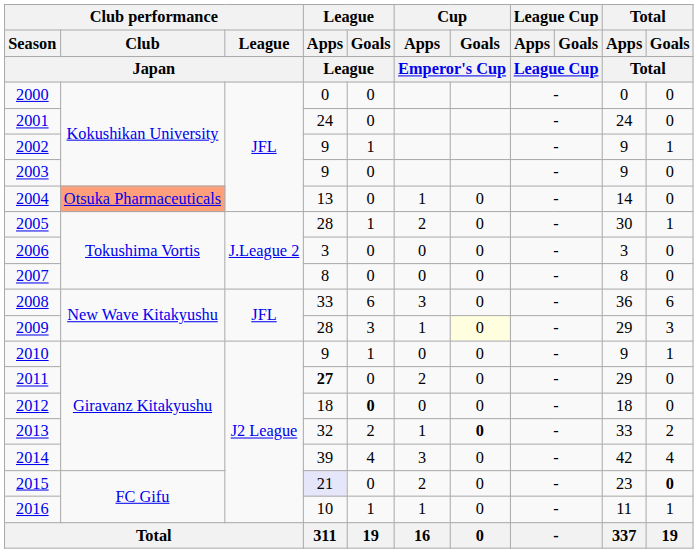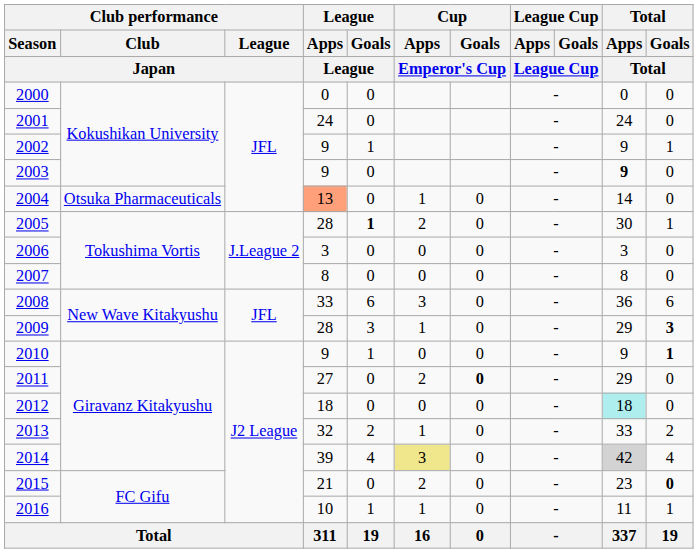 <table class="wikitable" style="text-align:center;">
 <tr>
 <th colspan=3>Club performance</th>
 <th colspan=2>League</th>
 <th colspan=2>Cup</th>
 <th colspan=2>League Cup</th>
 <th colspan=2>Total</th>
 </tr>
 <tr>
 <th>Season</th>
 <th>Club</th>
 <th>League</th>
 <th>Apps</th>
 <th>Goals</th>
 <th>Apps</th>
 <th>Goals</th>
 <th>Apps</th>
 <th>Goals</th>
 <th>Apps</th>
 <th>Goals</th>
 </tr>
 <tr>
 <th colspan=3>Japan</th>
 <th colspan=2>League</th>
 <th colspan=2><a href='#'>Emperor's Cup</a></th>
 <th colspan=2><a href='#'>League Cup</a></th>
 <th colspan=2>Total</th>
 </tr>
 <tr>
 <td><a href='#'>2000</a></td>
 <td rowspan=4><a href='#'>Kokushikan University</a></td>
 <td rowspan=5><a href='#'>JFL</a></td>
 <td>0</td>
 <td>0</td>
 <td></td>
 <td></td>
 <td colspan=2>-</td>
 <td>0</td>
 <td>0</td>
 </tr>
 <tr>
 <td><a href='#'>2001</a></td>
 <td>24</td>
 <td>0</td>
 <td></td>
 <td></td>
 <td colspan=2>-</td>
 <td>24</td>
 <td>0</td>
 </tr>
 <tr>
 <td><a href='#'>2002</a></td>
 <td>9</td>
 <td>1</td>
 <td></td>
 <td></td>
 <td colspan=2>-</td>
 <td>9</td>
 <td>1</td>
 </tr>
 <tr>
 <td><a href='#'>2003</a></td>
 <td>9</td>
 <td>0</td>
 <td></td>
 <td></td>
 <td colspan=2>-</td>
-<td>9</td>
+<td><strong>9</strong></td>
 <td>0</td>
 </tr>
 <tr>
 <td><a href='#'>2004</a></td>
-<td style="background: lightsalmon;"><a href='#'>Otsuka Pharmaceuticals</a></td>
-<td>13</td>
+<td><a href='#'>Otsuka Pharmaceuticals</a></td>
+<td style="background: lightsalmon;">13</td>
 <td>0</td>
 <td>1</td>
 <td>0</td>
 <td colspan=2>-</td>
 <td>14</td>
 <td>0</td>
 </tr>
 <tr>
 <td><a href='#'>2005</a></td>
 <td rowspan="3"><a href='#'>Tokushima Vortis</a></td>
 <td rowspan="3"><a href='#'>J.League 2</a></td>
 <td>28</td>
-<td>1</td>
+<td><strong>1</strong></td>
 <td>2</td>
 <td>0</td>
 <td colspan=2>-</td>
 <td>30</td>
 <td>1</td>
 </tr>
 <tr>
 <td><a href='#'>2006</a></td>
 <td>3</td>
 <td>0</td>
 <td>0</td>
 <td>0</td>
 <td colspan=2>-</td>
 <td>3</td>
 <td>0</td>
 </tr>
 <tr>
 <td><a href='#'>2007</a></td>
 <td>8</td>
 <td>0</td>
 <td>0</td>
 <td>0</td>
 <td colspan=2>-</td>
 <td>8</td>
 <td>0</td>
 </tr>
 <tr>
 <td><a href='#'>2008</a></td>
 <td rowspan="2"><a href='#'>New Wave Kitakyushu</a></td>
 <td rowspan="2"><a href='#'>JFL</a></td>
 <td>33</td>
 <td>6</td>
 <td>3</td>
 <td>0</td>
 <td colspan=2>-</td>
 <td>36</td>
 <td>6</td>
 </tr>
 <tr>
 <td><a href='#'>2009</a></td>
 <td>28</td>
 <td>3</td>
 <td>1</td>
-<td style="background: lightyellow;">0</td>
+<td>0</td>
 <td colspan=2>-</td>
 <td>29</td>
-<td>3</td>
+<td><strong>3</strong></td>
 </tr>
 <tr>
 <td><a href='#'>2010</a></td>
 <td rowspan=5><a href='#'>Giravanz Kitakyushu</a></td>
 <td rowspan=7><a href='#'>J2 League</a></td>
 <td>9</td>
 <td>1</td>
 <td>0</td>
 <td>0</td>
 <td colspan=2>-</td>
 <td>9</td>
-<td>1</td>
+<td><strong>1</strong></td>
 </tr>
 <tr>
 <td><a href='#'>2011</a></td>
-<td><strong>27</strong></td>
+<td>27</td>
 <td>0</td>
 <td>2</td>
-<td>0</td>
+<td><strong>0</strong></td>
 <td colspan=2>-</td>
 <td>29</td>
 <td>0</td>
 </tr>
 <tr>
 <td><a href='#'>2012</a></td>
 <td>18</td>
-<td><strong>0</strong></td>
+<td>0</td>
 <td>0</td>
 <td>0</td>
 <td colspan=2>-</td>
-<td>18</td>
+<td style="background: paleturquoise;">18</td>
 <td>0</td>
 </tr>
 <tr>
 <td><a href='#'>2013</a></td>
 <td>32</td>
 <td>2</td>
 <td>1</td>
-<td><strong>0</strong></td>
+<td>0</td>
 <td colspan=2>-</td>
 <td>33</td>
 <td>2</td>
 </tr>
 <tr>
 <td><a href='#'>2014</a></td>
 <td>39</td>
 <td>4</td>
-<td>3</td>
+<td style="background: khaki;">3</td>
 <td>0</td>
 <td colspan=2>-</td>
-<td>42</td>
+<td style="background: lightgrey;">42</td>
 <td>4</td>
 </tr>
 <tr>
 <td><a href='#'>2015</a></td>
 <td rowspan=2><a href='#'>FC Gifu</a></td>
-<td style="background: lavender;">21</td>
+<td>21</td>
 <td>0</td>
 <td>2</td>
 <td>0</td>
 <td colspan=2>-</td>
 <td>23</td>
 <td><strong>0</strong></td>
 </tr>
 <tr>
 <td><a href='#'>2016</a></td>
 <td>10</td>
 <td>1</td>
 <td>1</td>
 <td>0</td>
 <td colspan=2>-</td>
 <td>11</td>
 <td>1</td>
 </tr>
 <tr>
 <th colspan=3>Total</th>
 <th>311</th>
 <th>19</th>
 <th>16</th>
 <th>0</th>
 <th colspan=2>-</th>
 <th>337</th>
 <th>19</th>
 </tr>
 </table>
